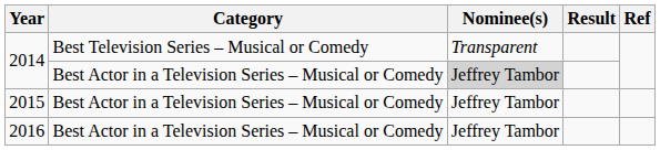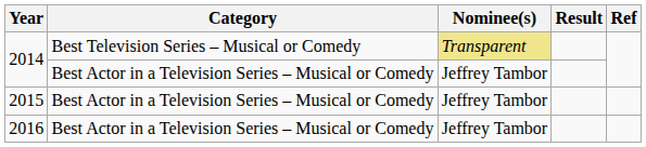 <table class="wikitable">
 <tr>
 <th>Year</th>
 <th>Category</th>
 <th>Nominee(s)</th>
 <th>Result</th>
 <th>Ref</th>
 </tr>
 <tr>
 <td rowspan=2>2014</td>
 <td>Best Television Series – Musical or Comedy</td>
-<td><em>Transparent</em></td>
+<td style="background: khaki;"><em>Transparent</em></td>
 <td></td>
 <td rowspan=2></td>
 </tr>
 <tr>
 <td>Best Actor in a Television Series – Musical or Comedy</td>
-<td style="background: lightgrey;">Jeffrey Tambor</td>
+<td>Jeffrey Tambor</td>
 <td></td>
 </tr>
 <tr>
 <td>2015</td>
 <td>Best Actor in a Television Series – Musical or Comedy</td>
 <td>Jeffrey Tambor</td>
 <td></td>
 <td></td>
 </tr>
 <tr>
 <td>2016</td>
 <td>Best Actor in a Television Series – Musical or Comedy</td>
 <td>Jeffrey Tambor</td>
 <td></td>
 <td></td>
 </tr>
 </table>
